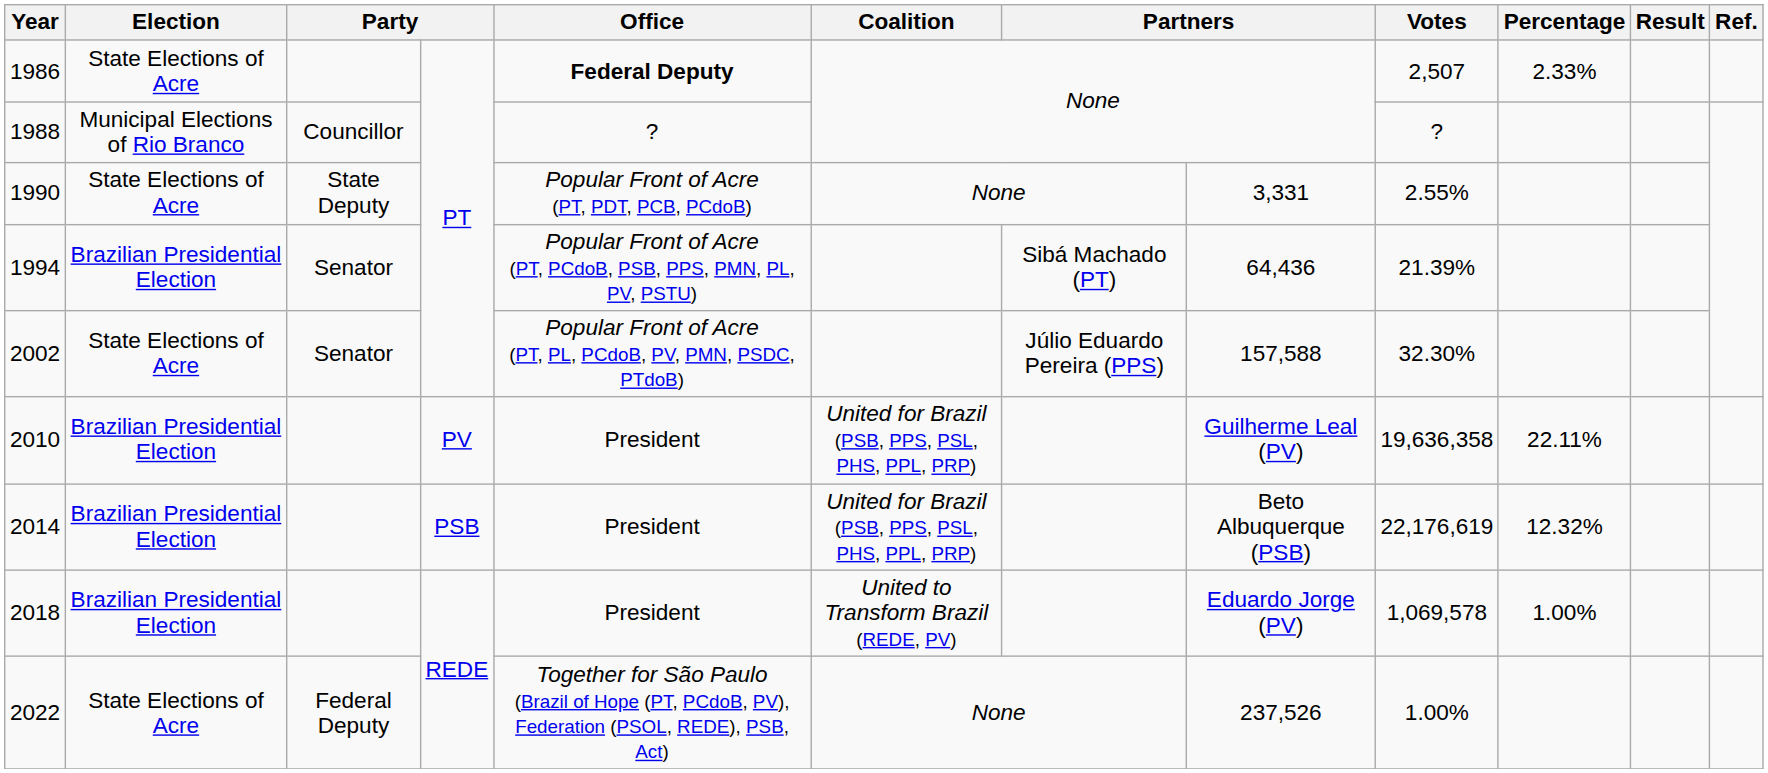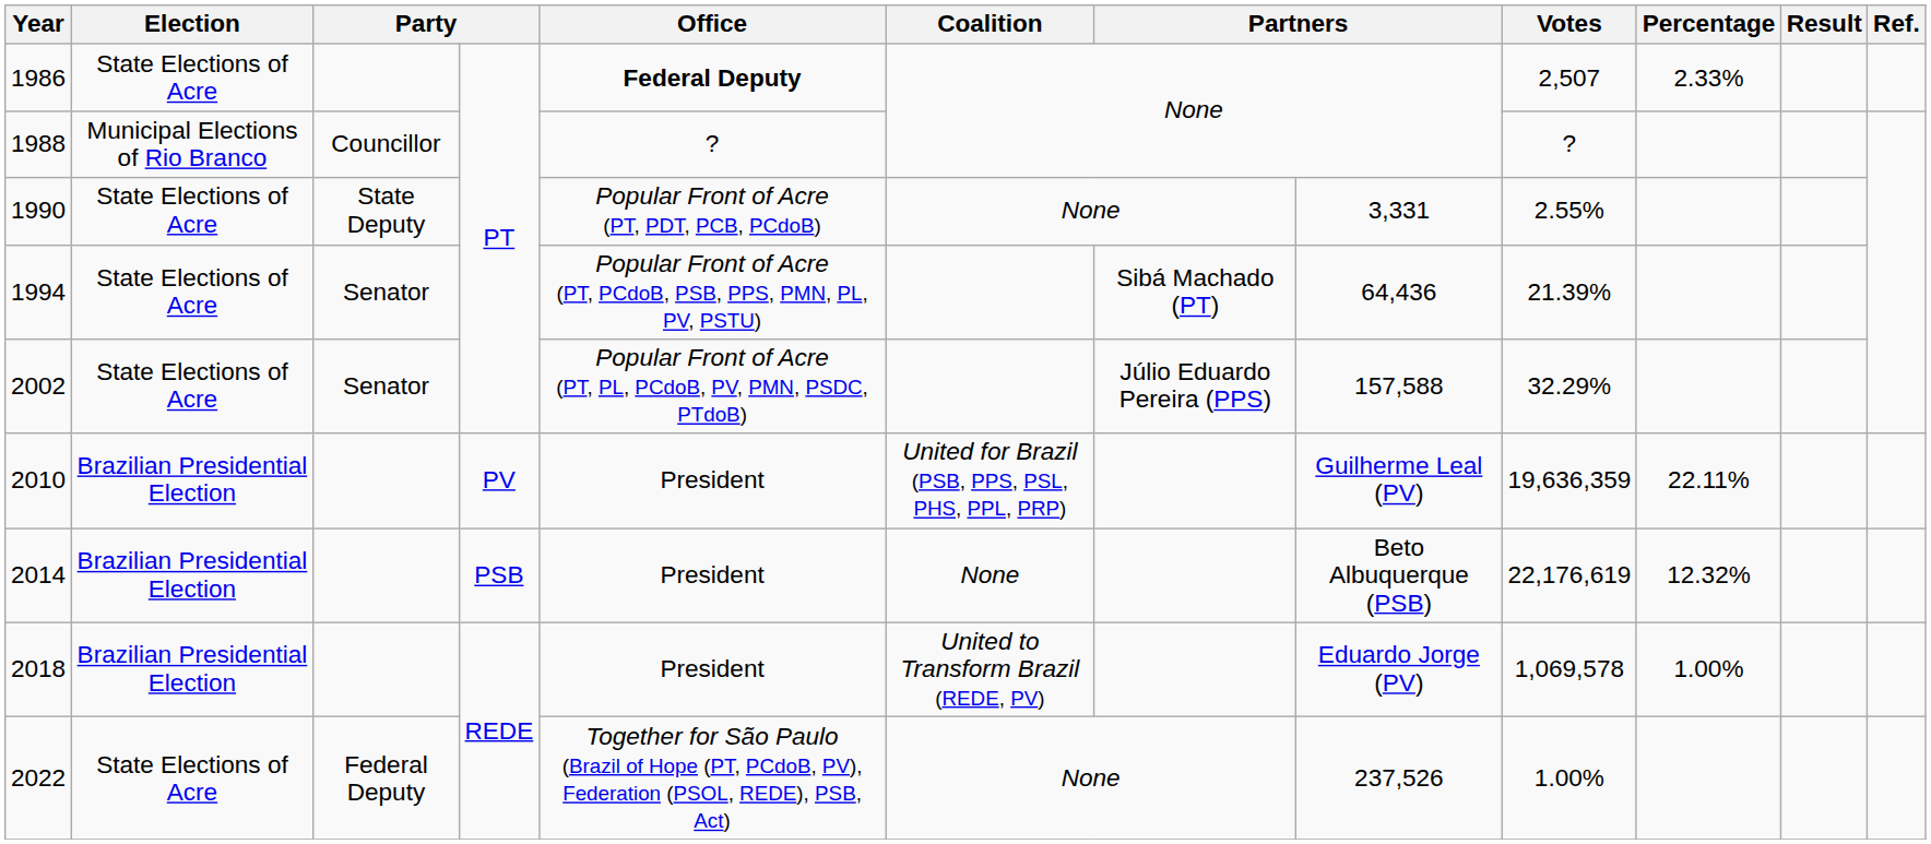 <table class="wikitable" style="text-align:center">
 <tr>
 <th>Year</th>
 <th>Election</th>
 <th colspan="2">Party</th>
 <th>Office</th>
 <th>Coalition</th>
 <th colspan="2">Partners</th>
 <th>Votes</th>
 <th>Percentage</th>
 <th>Result</th>
 <th>Ref.</th>
 </tr>
 <tr>
 <td>1986</td>
 <td>State Elections of <a href='#'>Acre</a></td>
 <td style="background-color:"></td>
 <td rowspan="5"><a href='#'>PT</a></td>
 <td><strong>Federal Deputy</strong></td>
 <td colspan="3" rowspan="2"><em>None</em></td>
 <td>2,507</td>
 <td>2.33%</td>
 <td></td>
 <td></td>
 </tr>
 <tr>
 <td>1988</td>
 <td>Municipal Elections of <a href='#'>Rio Branco</a></td>
 <td>Councillor</td>
 <td>?</td>
 <td>?</td>
 <td></td>
 <td></td>
 </tr>
 <tr>
 <td>1990</td>
 <td>State Elections of <a href='#'>Acre</a></td>
 <td>State Deputy</td>
 <td><em>Popular Front of Acre</em><br><small>(<a href='#'>PT</a>, <a href='#'>PDT</a>, <a href='#'>PCB</a>, <a href='#'>PCdoB</a>)</small></td>
 <td colspan="2"><em>None</em></td>
 <td>3,331</td>
 <td>2.55%</td>
 <td></td>
 <td></td>
 </tr>
 <tr>
 <td>1994</td>
-<td><a href='#'>Brazilian Presidential Election</a></td>
+<td>State Elections of <a href='#'>Acre</a></td>
 <td>Senator</td>
 <td><em>Popular Front of Acre</em><br><small>(<a href='#'>PT</a>, <a href='#'>PCdoB</a>, <a href='#'>PSB</a>, <a href='#'>PPS</a>, <a href='#'>PMN</a>, <a href='#'>PL</a>, <a href='#'>PV</a>, <a href='#'>PSTU</a>)</small></td>
 <td style="background-color:"></td>
 <td>Sibá Machado (<a href='#'>PT</a>)</td>
 <td>64,436</td>
 <td>21.39%</td>
 <td></td>
 <td></td>
 </tr>
 <tr>
 <td>2002</td>
 <td>State Elections of <a href='#'>Acre</a></td>
 <td>Senator</td>
 <td><em>Popular Front of Acre</em><br><small>(<a href='#'>PT</a>, <a href='#'>PL</a>, <a href='#'>PCdoB</a>, <a href='#'>PV</a>, <a href='#'>PMN</a>, <a href='#'>PSDC</a>, <a href='#'>PTdoB</a>)</small></td>
 <td style="background-color:"></td>
 <td>Júlio Eduardo Pereira (<a href='#'>PPS</a>)</td>
 <td>157,588</td>
-<td>32.30%</td>
+<td>32.29%</td>
 <td></td>
 <td></td>
 </tr>
 <tr>
 <td>2010</td>
 <td><a href='#'>Brazilian Presidential Election</a></td>
 <td style="background-color:"></td>
 <td><a href='#'>PV</a></td>
 <td>President</td>
 <td><em>United for Brazil</em><br><small>(<a href='#'>PSB</a>, <a href='#'>PPS</a>, <a href='#'>PSL</a>, <a href='#'>PHS</a>, <a href='#'>PPL</a>, <a href='#'>PRP</a>)</small></td>
 <td style="background-color:"></td>
 <td><a href='#'>Guilherme Leal</a> (<a href='#'>PV</a>)</td>
-<td>19,636,358</td>
+<td>19,636,359</td>
 <td>22.11%</td>
 <td></td>
 <td></td>
 </tr>
 <tr>
 <td>2014</td>
 <td><a href='#'>Brazilian Presidential Election</a></td>
 <td style="background-color:"></td>
 <td><a href='#'>PSB</a></td>
 <td>President</td>
-<td><em>United for Brazil</em><br><small>(<a href='#'>PSB</a>, <a href='#'>PPS</a>, <a href='#'>PSL</a>, <a href='#'>PHS</a>, <a href='#'>PPL</a>, <a href='#'>PRP</a>)</small></td>
+<td><em>None</em></td>
 <td style="background-color:"></td>
 <td>Beto Albuquerque (<a href='#'>PSB</a>)</td>
 <td>22,176,619</td>
 <td>12.32%</td>
 <td></td>
 <td></td>
 </tr>
 <tr>
 <td>2018</td>
 <td><a href='#'>Brazilian Presidential Election</a></td>
 <td style="background-color:"></td>
 <td rowspan="2"><a href='#'>REDE</a></td>
 <td>President</td>
 <td><em>United to Transform Brazil</em><br><small>(<a href='#'>REDE</a>, <a href='#'>PV</a>)</small></td>
 <td style="background-color:"></td>
 <td><a href='#'>Eduardo Jorge</a> (<a href='#'>PV</a>)</td>
 <td>1,069,578</td>
 <td>1.00%</td>
 <td></td>
 <td></td>
 </tr>
 <tr>
 <td>2022</td>
 <td>State Elections of <a href='#'>Acre</a></td>
 <td>Federal Deputy</td>
 <td><em>Together for São Paulo</em><br><small>(<a href='#'>Brazil of Hope</a> (<a href='#'>PT</a>, <a href='#'>PCdoB</a>, <a href='#'>PV</a>), <a href='#'> Federation</a> (<a href='#'>PSOL</a>, <a href='#'>REDE</a>), <a href='#'>PSB</a>, <a href='#'>Act</a>)</small></td>
 <td colspan="2"><em>None</em></td>
 <td>237,526</td>
 <td>1.00%</td>
 <td></td>
 <td></td>
 </tr>
 </table>
